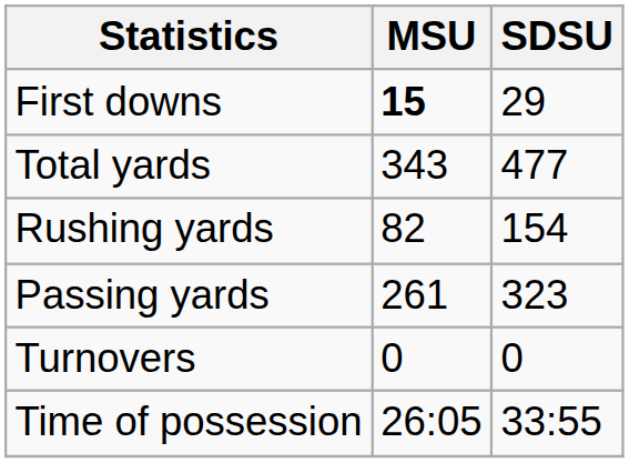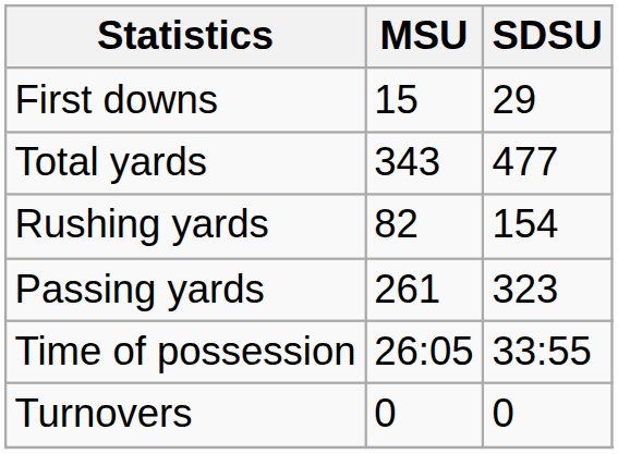 <table class="wikitable">
 <tr>
 <th>Statistics</th>
 <th>MSU</th>
 <th>SDSU</th>
 </tr>
 <tr>
 <td>First downs</td>
-<td><strong>15</strong></td>
+<td>15</td>
 <td>29</td>
 </tr>
 <tr>
 <td>Total yards</td>
 <td>343</td>
 <td>477</td>
 </tr>
 <tr>
 <td>Rushing yards</td>
 <td>82</td>
 <td>154</td>
 </tr>
 <tr>
 <td>Passing yards</td>
 <td>261</td>
 <td>323</td>
 </tr>
 <tr>
+<td>Time of possession</td>
+<td>26:05</td>
+<td>33:55</td>
+</tr>
+<tr>
 <td>Turnovers</td>
 <td>0</td>
 <td>0</td>
 </tr>
 <tr>
-<td>Time of possession</td>
-<td>26:05</td>
-<td>33:55</td>
-</tr>
-<tr>
 </tr>
 </table>
